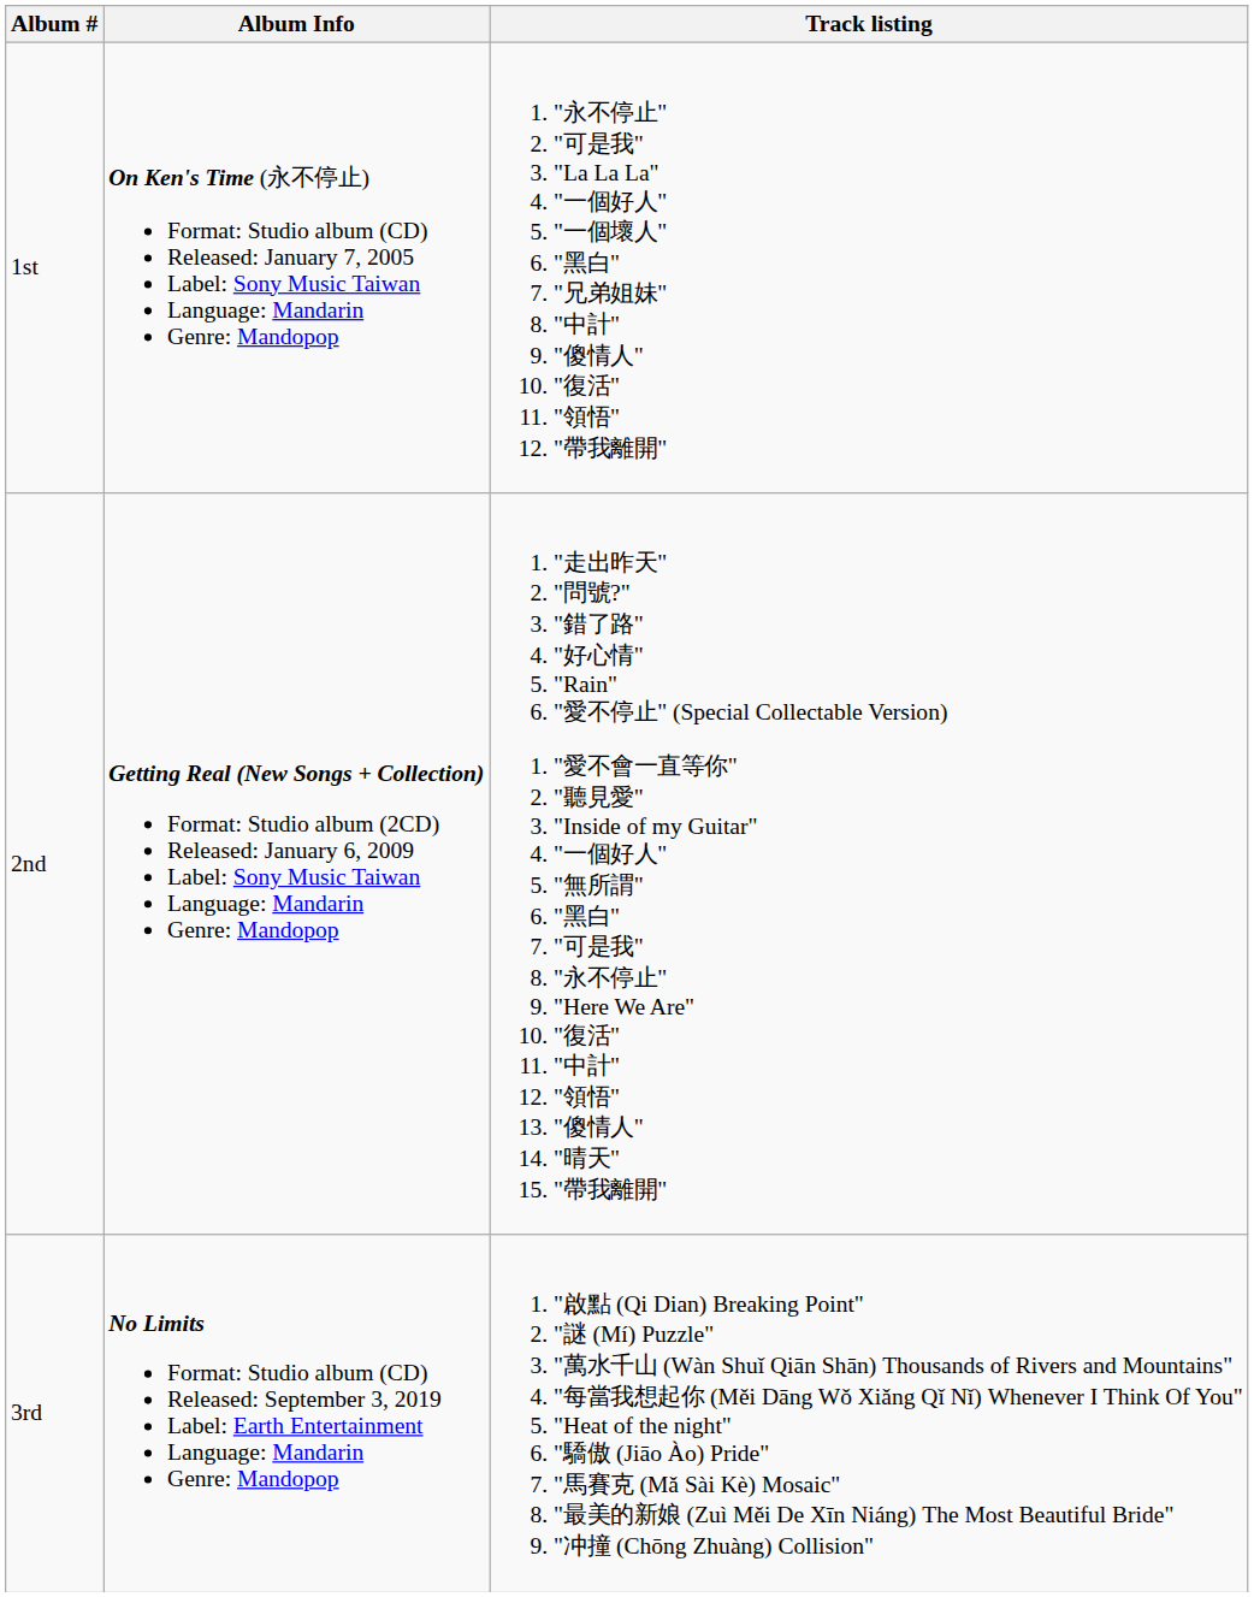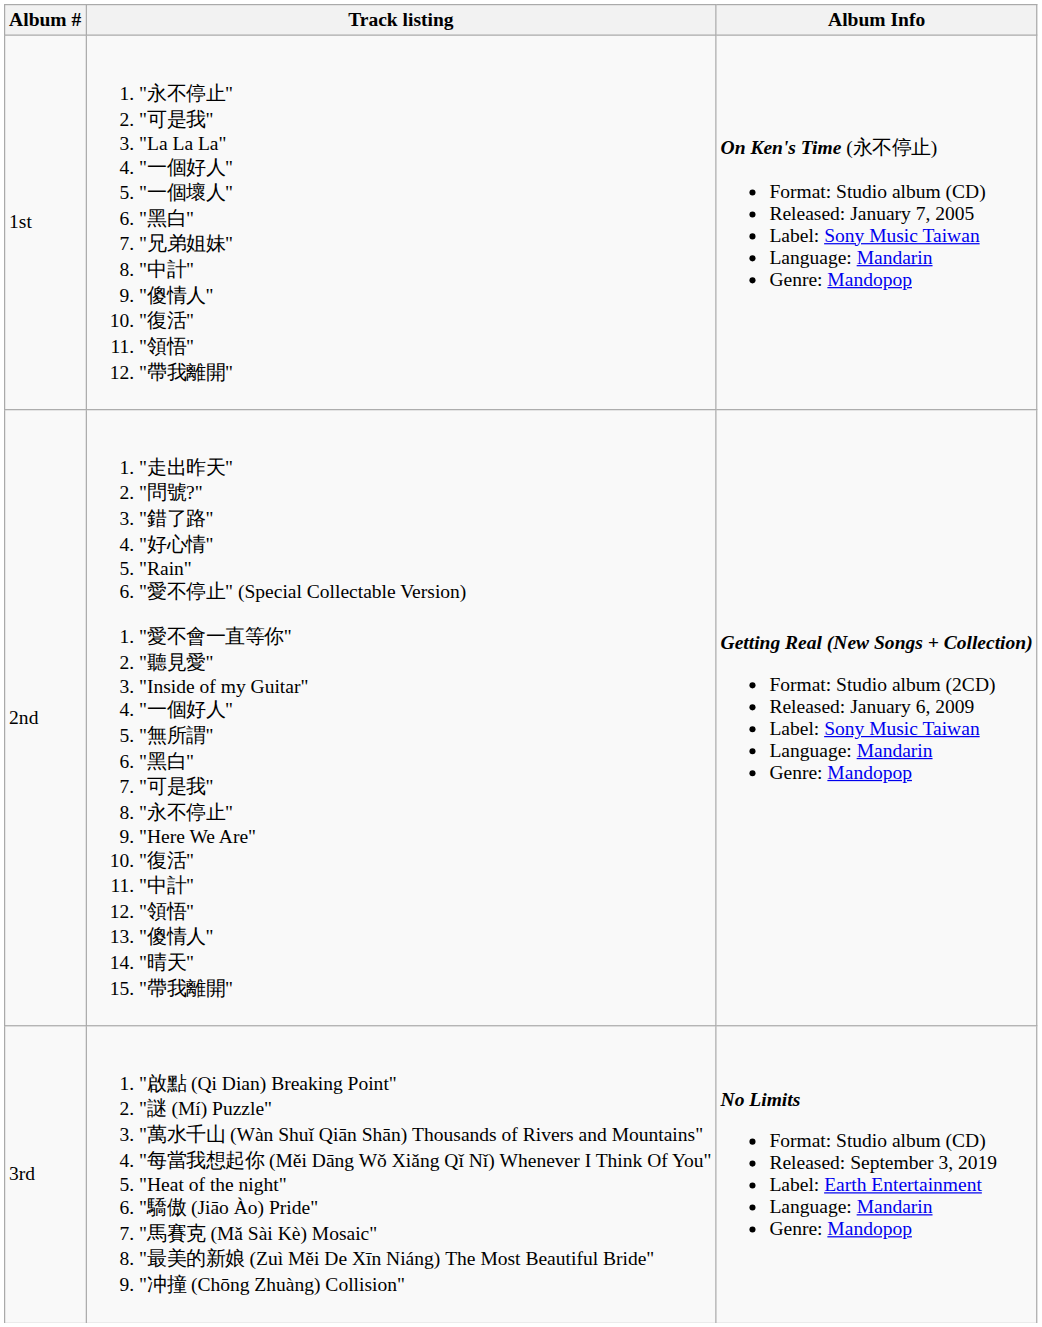 <table class="wikitable">
 <tr>
 <th>Album #</th>
+<th>Track listing</th>
 <th>Album Info</th>
-<th>Track listing</th>
 </tr>
 <tr>
 <td>1st</td>
+<td><br><ol><li>"永不停止"</li><li>"可是我"</li><li>"La La La"</li><li>"一個好人"</li><li>"一個壞人"</li><li>"黑白"</li><li>"兄弟姐妹"</li><li>"中計"</li><li>"傻情人"</li><li>"復活"</li><li>"領悟"</li><li>"帶我離開"</li></ol></td>
 <td><strong><em>On Ken's Time</em></strong> (永不停止)<br><ul><li>Format: Studio album (CD)</li><li>Released: January 7, 2005</li><li>Label: <a href='#'>Sony Music Taiwan</a></li><li>Language: <a href='#'>Mandarin</a></li><li>Genre: <a href='#'>Mandopop</a></li></ul></td>
-<td><br><ol><li>"永不停止"</li><li>"可是我"</li><li>"La La La"</li><li>"一個好人"</li><li>"一個壞人"</li><li>"黑白"</li><li>"兄弟姐妹"</li><li>"中計"</li><li>"傻情人"</li><li>"復活"</li><li>"領悟"</li><li>"帶我離開"</li></ol></td>
 </tr>
 <tr>
 <td>2nd</td>
+<td><br><ol><li>"走出昨天"</li><li>"問號?"</li><li>"錯了路"</li><li>"好心情"</li><li>"Rain"</li><li>"愛不停止" (Special Collectable Version)</li></ol><ol><li>"愛不會一直等你"</li><li>"聽見愛"</li><li>"Inside of my Guitar"</li><li>"一個好人"</li><li>"無所謂"</li><li>"黑白"</li><li>"可是我"</li><li>"永不停止"</li><li>"Here We Are"</li><li>"復活"</li><li>"中計"</li><li>"領悟"</li><li>"傻情人"</li><li>"晴天"</li><li>"帶我離開"</li></ol></td>
 <td><strong><em>Getting Real (New Songs + Collection)</em></strong><br><ul><li>Format: Studio album (2CD)</li><li>Released: January 6, 2009</li><li>Label: <a href='#'>Sony Music Taiwan</a></li><li>Language: <a href='#'>Mandarin</a></li><li>Genre: <a href='#'>Mandopop</a></li></ul></td>
-<td><br><ol><li>"走出昨天"</li><li>"問號?"</li><li>"錯了路"</li><li>"好心情"</li><li>"Rain"</li><li>"愛不停止" (Special Collectable Version)</li></ol><ol><li>"愛不會一直等你"</li><li>"聽見愛"</li><li>"Inside of my Guitar"</li><li>"一個好人"</li><li>"無所謂"</li><li>"黑白"</li><li>"可是我"</li><li>"永不停止"</li><li>"Here We Are"</li><li>"復活"</li><li>"中計"</li><li>"領悟"</li><li>"傻情人"</li><li>"晴天"</li><li>"帶我離開"</li></ol></td>
 </tr>
 <tr>
 <td>3rd</td>
+<td><br><ol><li>"啟點 (Qi Dian) Breaking Point"</li><li>"謎 (Mí) Puzzle"</li><li>"萬水千山 (Wàn Shuǐ Qiān Shān) Thousands of Rivers and Mountains"</li><li>"每當我想起你 (Měi Dāng Wǒ Xiǎng Qǐ Nǐ) Whenever I Think Of You"</li><li>"Heat of the night"</li><li>"驕傲 (Jiāo Ào) Pride"</li><li>"馬賽克 (Mǎ Sài Kè) Mosaic"</li><li>"最美的新娘 (Zuì Měi De Xīn Niáng) The Most Beautiful Bride"</li><li>"冲撞 (Chōng Zhuàng) Collision"</li></ol></td>
 <td><strong><em>No Limits</em></strong><br><ul><li>Format: Studio album (CD)</li><li>Released: September 3, 2019</li><li>Label: <a href='#'>Earth Entertainment</a></li><li>Language: <a href='#'>Mandarin</a></li><li>Genre: <a href='#'>Mandopop</a></li></ul></td>
-<td><br><ol><li>"啟點 (Qi Dian) Breaking Point"</li><li>"謎 (Mí) Puzzle"</li><li>"萬水千山 (Wàn Shuǐ Qiān Shān) Thousands of Rivers and Mountains"</li><li>"每當我想起你 (Měi Dāng Wǒ Xiǎng Qǐ Nǐ) Whenever I Think Of You"</li><li>"Heat of the night"</li><li>"驕傲 (Jiāo Ào) Pride"</li><li>"馬賽克 (Mǎ Sài Kè) Mosaic"</li><li>"最美的新娘 (Zuì Měi De Xīn Niáng) The Most Beautiful Bride"</li><li>"冲撞 (Chōng Zhuàng) Collision"</li></ol></td>
 </tr>
 </table>
